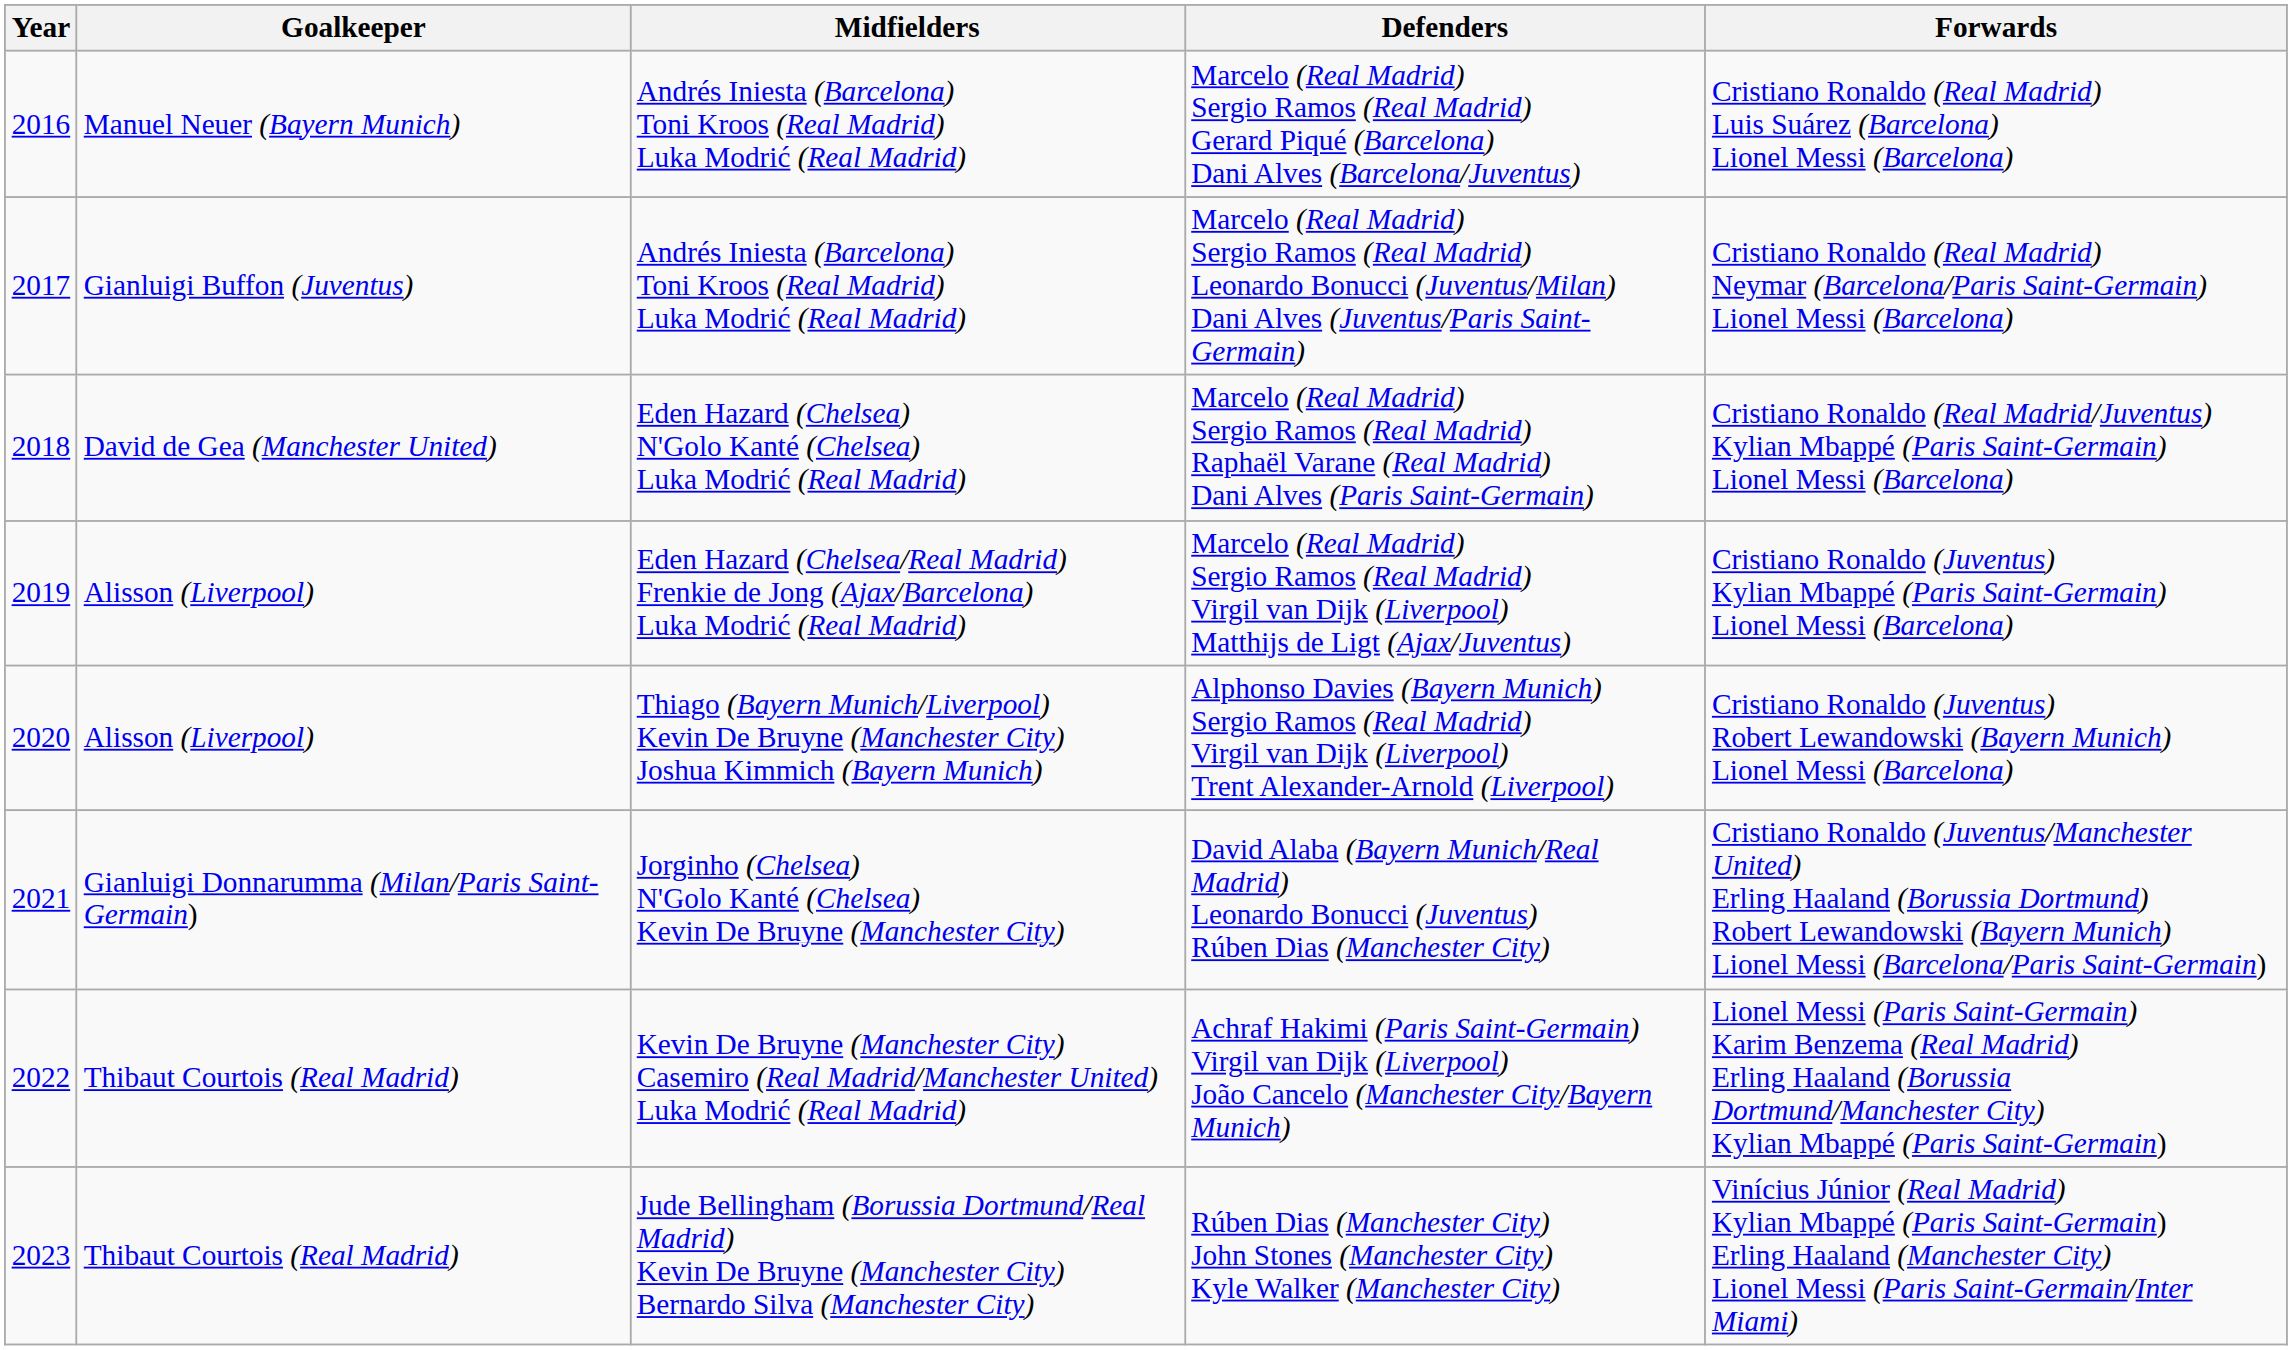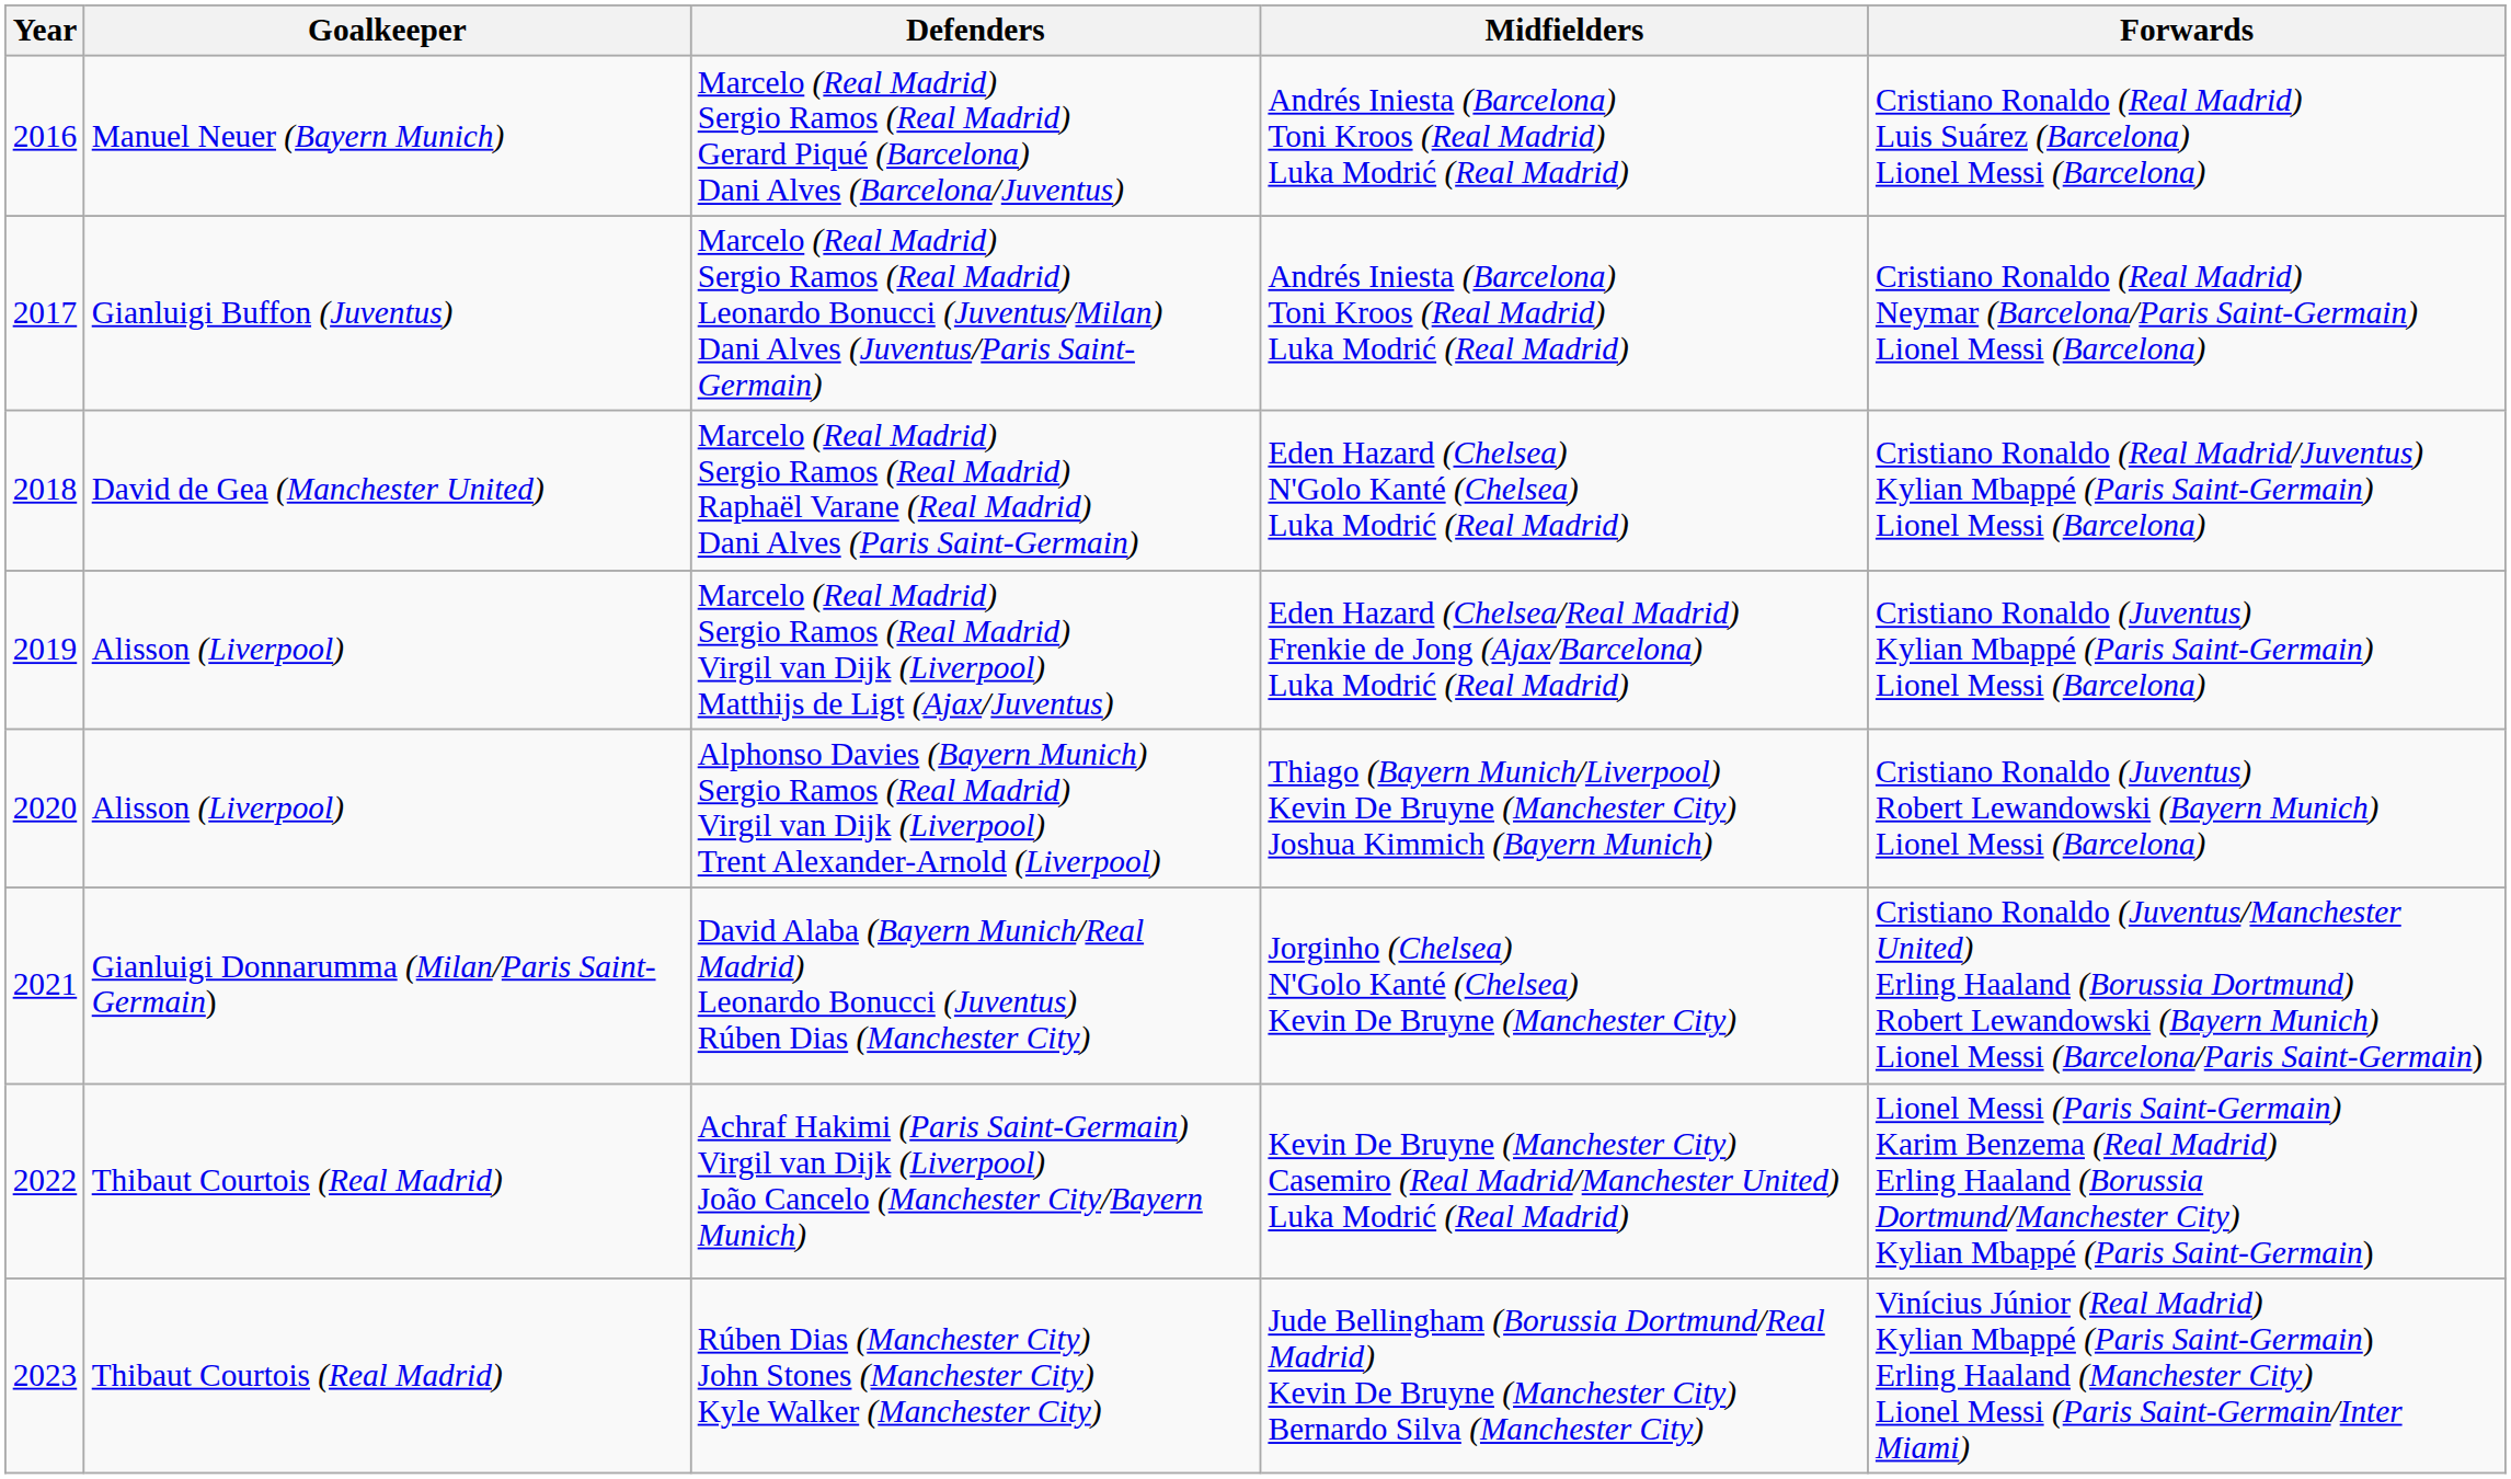 <table class="wikitable">
 <tr>
 <th>Year</th>
 <th>Goalkeeper</th>
+<th>Defenders</th>
 <th>Midfielders</th>
-<th>Defenders</th>
 <th>Forwards</th>
 </tr>
 <tr>
 <td style="text-align:centre;"><a href='#'>2016</a></td>
 <td> <a href='#'>Manuel Neuer</a> <em>(<a href='#'>Bayern Munich</a>)</em></td>
+<td style="text-align:left;"> <a href='#'>Marcelo</a> <em>(<a href='#'>Real Madrid</a>)</em><br> <a href='#'>Sergio Ramos</a> <em>(<a href='#'>Real Madrid</a>)</em><br> <a href='#'>Gerard Piqué</a> <em>(<a href='#'>Barcelona</a>)</em><br> <a href='#'>Dani Alves</a> <em>(<a href='#'>Barcelona</a>/<a href='#'>Juventus</a>)</em></td>
 <td style="text-align:left;"> <a href='#'>Andrés Iniesta</a> <em>(<a href='#'>Barcelona</a>)</em><br> <a href='#'>Toni Kroos</a> <em>(<a href='#'>Real Madrid</a>)</em><br> <a href='#'>Luka Modrić</a> <em>(<a href='#'>Real Madrid</a>)</em></td>
-<td style="text-align:left;"> <a href='#'>Marcelo</a> <em>(<a href='#'>Real Madrid</a>)</em><br> <a href='#'>Sergio Ramos</a> <em>(<a href='#'>Real Madrid</a>)</em><br> <a href='#'>Gerard Piqué</a> <em>(<a href='#'>Barcelona</a>)</em><br> <a href='#'>Dani Alves</a> <em>(<a href='#'>Barcelona</a>/<a href='#'>Juventus</a>)</em></td>
 <td style="text-align:left;"> <a href='#'>Cristiano Ronaldo</a> <em>(<a href='#'>Real Madrid</a>)</em><br> <a href='#'>Luis Suárez</a> <em>(<a href='#'>Barcelona</a>)</em><br> <a href='#'>Lionel Messi</a> <em>(<a href='#'>Barcelona</a>)</em></td>
 </tr>
 <tr>
 <td style="text-align:centre;"><a href='#'>2017</a></td>
 <td> <a href='#'>Gianluigi Buffon</a> <em>(<a href='#'>Juventus</a>)</em></td>
+<td style="text-align:left;"> <a href='#'>Marcelo</a> <em>(<a href='#'>Real Madrid</a>)</em><br> <a href='#'>Sergio Ramos</a> <em>(<a href='#'>Real Madrid</a>)</em><br> <a href='#'>Leonardo Bonucci</a> <em>(<a href='#'>Juventus</a>/<a href='#'>Milan</a>)</em><br> <a href='#'>Dani Alves</a> <em>(<a href='#'>Juventus</a>/<a href='#'>Paris Saint-Germain</a>)</em></td>
 <td style="text-align:left;"> <a href='#'>Andrés Iniesta</a> <em>(<a href='#'>Barcelona</a>)</em><br> <a href='#'>Toni Kroos</a> <em>(<a href='#'>Real Madrid</a>)</em><br> <a href='#'>Luka Modrić</a> <em>(<a href='#'>Real Madrid</a>)</em></td>
-<td style="text-align:left;"> <a href='#'>Marcelo</a> <em>(<a href='#'>Real Madrid</a>)</em><br> <a href='#'>Sergio Ramos</a> <em>(<a href='#'>Real Madrid</a>)</em><br> <a href='#'>Leonardo Bonucci</a> <em>(<a href='#'>Juventus</a>/<a href='#'>Milan</a>)</em><br> <a href='#'>Dani Alves</a> <em>(<a href='#'>Juventus</a>/<a href='#'>Paris Saint-Germain</a>)</em></td>
 <td style="text-align:left;"> <a href='#'>Cristiano Ronaldo</a> <em>(<a href='#'>Real Madrid</a>)</em><br> <a href='#'>Neymar</a><em> (<a href='#'>Barcelona</a>/<a href='#'>Paris Saint-Germain</a>)</em><br> <a href='#'>Lionel Messi</a> <em>(<a href='#'>Barcelona</a>)</em></td>
 </tr>
 <tr>
 <td style="text-align:centre;"><a href='#'>2018</a></td>
 <td> <a href='#'>David de Gea</a> <em>(<a href='#'>Manchester United</a>)</em></td>
+<td style="text-align:left;"> <a href='#'>Marcelo</a> <em>(<a href='#'>Real Madrid</a>)</em><br> <a href='#'>Sergio Ramos</a> <em>(<a href='#'>Real Madrid</a>)</em><br> <a href='#'>Raphaël Varane</a> <em>(<a href='#'>Real Madrid</a>)</em><br> <a href='#'>Dani Alves</a> <em>(<a href='#'>Paris Saint-Germain</a>)</em></td>
 <td style="text-align:left;"> <a href='#'>Eden Hazard</a><em> (<a href='#'>Chelsea</a>)</em><br> <a href='#'>N'Golo Kanté</a> <em>(<a href='#'>Chelsea</a>)</em><br> <a href='#'>Luka Modrić</a> <em>(<a href='#'>Real Madrid</a>)</em></td>
-<td style="text-align:left;"> <a href='#'>Marcelo</a> <em>(<a href='#'>Real Madrid</a>)</em><br> <a href='#'>Sergio Ramos</a> <em>(<a href='#'>Real Madrid</a>)</em><br> <a href='#'>Raphaël Varane</a> <em>(<a href='#'>Real Madrid</a>)</em><br> <a href='#'>Dani Alves</a> <em>(<a href='#'>Paris Saint-Germain</a>)</em></td>
 <td style="text-align:left;"> <a href='#'>Cristiano Ronaldo</a> <em>(<a href='#'>Real Madrid</a>/<a href='#'>Juventus</a>)</em><br> <a href='#'>Kylian Mbappé</a><em> (<a href='#'>Paris Saint-Germain</a>)</em><br> <a href='#'>Lionel Messi</a> <em>(<a href='#'>Barcelona</a>)</em></td>
 </tr>
 <tr>
 <td style="text-align:centre;"><a href='#'>2019</a></td>
 <td> <a href='#'>Alisson</a> <em>(<a href='#'>Liverpool</a>)</em></td>
+<td style="text-align:left;"> <a href='#'>Marcelo</a> <em>(<a href='#'>Real Madrid</a>)</em><br> <a href='#'>Sergio Ramos</a> <em>(<a href='#'>Real Madrid</a>)</em><br> <a href='#'>Virgil van Dijk</a> <em>(<a href='#'>Liverpool</a>)</em><br> <a href='#'>Matthijs de Ligt</a> <em>(<a href='#'>Ajax</a>/<a href='#'>Juventus</a>)</em></td>
 <td style="text-align:left;"> <a href='#'>Eden Hazard</a><em> (<a href='#'>Chelsea</a>/<a href='#'>Real Madrid</a>)</em><br> <a href='#'>Frenkie de Jong</a> <em>(<a href='#'>Ajax</a>/<a href='#'>Barcelona</a>)</em><br> <a href='#'>Luka Modrić</a> <em>(<a href='#'>Real Madrid</a>)</em></td>
-<td style="text-align:left;"> <a href='#'>Marcelo</a> <em>(<a href='#'>Real Madrid</a>)</em><br> <a href='#'>Sergio Ramos</a> <em>(<a href='#'>Real Madrid</a>)</em><br> <a href='#'>Virgil van Dijk</a> <em>(<a href='#'>Liverpool</a>)</em><br> <a href='#'>Matthijs de Ligt</a> <em>(<a href='#'>Ajax</a>/<a href='#'>Juventus</a>)</em></td>
 <td style="text-align:left;"> <a href='#'>Cristiano Ronaldo</a><em> (<a href='#'>Juventus</a>)</em><br> <a href='#'>Kylian Mbappé</a> <em>(<a href='#'>Paris Saint-Germain</a>)</em><br> <a href='#'>Lionel Messi</a> <em>(<a href='#'>Barcelona</a>)</em></td>
 </tr>
 <tr>
 <td style="text-align:centre;"><a href='#'>2020</a></td>
 <td> <a href='#'>Alisson</a> <em>(<a href='#'>Liverpool</a>)</em></td>
+<td style="text-align:left;"> <a href='#'>Alphonso Davies</a> <em>(<a href='#'>Bayern Munich</a>)</em><br> <a href='#'>Sergio Ramos</a> <em>(<a href='#'>Real Madrid</a>)</em><br> <a href='#'>Virgil van Dijk</a> <em>(<a href='#'>Liverpool</a>)</em><br> <a href='#'>Trent Alexander-Arnold</a> <em>(<a href='#'>Liverpool</a>)</em></td>
 <td style="text-align:left;"> <a href='#'>Thiago</a> <em>(<a href='#'>Bayern Munich</a>/<a href='#'>Liverpool</a>)</em> <br> <a href='#'>Kevin De Bruyne</a> <em>(<a href='#'>Manchester City</a>)</em><br> <a href='#'>Joshua Kimmich</a> <em>(<a href='#'>Bayern Munich</a>)</em></td>
-<td style="text-align:left;"> <a href='#'>Alphonso Davies</a> <em>(<a href='#'>Bayern Munich</a>)</em><br> <a href='#'>Sergio Ramos</a> <em>(<a href='#'>Real Madrid</a>)</em><br> <a href='#'>Virgil van Dijk</a> <em>(<a href='#'>Liverpool</a>)</em><br> <a href='#'>Trent Alexander-Arnold</a> <em>(<a href='#'>Liverpool</a>)</em></td>
 <td style="text-align:left;"> <a href='#'>Cristiano Ronaldo</a><em> (<a href='#'>Juventus</a>)</em><br> <a href='#'>Robert Lewandowski</a> <em>(<a href='#'>Bayern Munich</a>)</em> <br> <a href='#'>Lionel Messi</a> <em>(<a href='#'>Barcelona</a>)</em></td>
 </tr>
 <tr>
 <td style="text-align:centre;"><a href='#'>2021</a></td>
 <td> <a href='#'>Gianluigi Donnarumma</a> <em>(<a href='#'>Milan</a>/<a href='#'>Paris Saint-Germain</a></em>)</td>
+<td style="text-align:left;"> <a href='#'>David Alaba</a> <em>(<a href='#'>Bayern Munich</a>/<a href='#'>Real Madrid</a>)</em><br> <a href='#'>Leonardo Bonucci</a> <em>(<a href='#'>Juventus</a>)</em><br> <a href='#'>Rúben Dias</a> <em>(<a href='#'>Manchester City</a>)</em></td>
 <td style="text-align:left;"> <a href='#'>Jorginho</a><em> (<a href='#'>Chelsea</a>)</em><br> <a href='#'>N'Golo Kanté</a> <em>(<a href='#'>Chelsea</a>)</em><br> <a href='#'>Kevin De Bruyne</a> <em>(<a href='#'>Manchester City</a>)</em></td>
-<td style="text-align:left;"> <a href='#'>David Alaba</a> <em>(<a href='#'>Bayern Munich</a>/<a href='#'>Real Madrid</a>)</em><br> <a href='#'>Leonardo Bonucci</a> <em>(<a href='#'>Juventus</a>)</em><br> <a href='#'>Rúben Dias</a> <em>(<a href='#'>Manchester City</a>)</em></td>
 <td style="text-align:left;"> <a href='#'>Cristiano Ronaldo</a><em> (<a href='#'>Juventus</a>/<a href='#'>Manchester United</a>)</em> <br> <a href='#'>Erling Haaland</a> <em>(<a href='#'>Borussia Dortmund</a>)</em> <br> <a href='#'>Robert Lewandowski</a> <em>(<a href='#'>Bayern Munich</a>)</em> <br> <a href='#'>Lionel Messi</a> <em>(<a href='#'>Barcelona</a>/<a href='#'>Paris Saint-Germain</a></em>)</td>
 </tr>
 <tr>
 <td style="text-align:centre;"><a href='#'>2022</a></td>
 <td> <a href='#'>Thibaut Courtois</a> <em>(<a href='#'>Real Madrid</a>)</em></td>
+<td style="text-align:left;"> <a href='#'>Achraf Hakimi</a> <em>(<a href='#'>Paris Saint-Germain</a>)</em><br> <a href='#'>Virgil van Dijk</a> <em>(<a href='#'>Liverpool</a>)</em><br> <a href='#'>João Cancelo</a> <em>(<a href='#'>Manchester City</a>/<a href='#'>Bayern Munich</a>)</em></td>
 <td style="text-align:left;"> <a href='#'>Kevin De Bruyne</a> <em>(<a href='#'>Manchester City</a>)</em><br> <a href='#'>Casemiro</a> <em>(<a href='#'>Real Madrid</a>/<a href='#'>Manchester United</a>)</em><br> <a href='#'>Luka Modrić</a> <em>(<a href='#'>Real Madrid</a>)</em></td>
-<td style="text-align:left;"> <a href='#'>Achraf Hakimi</a> <em>(<a href='#'>Paris Saint-Germain</a>)</em><br> <a href='#'>Virgil van Dijk</a> <em>(<a href='#'>Liverpool</a>)</em><br> <a href='#'>João Cancelo</a> <em>(<a href='#'>Manchester City</a>/<a href='#'>Bayern Munich</a>)</em></td>
 <td style="text-align:left;"> <a href='#'>Lionel Messi</a> <em>(<a href='#'>Paris Saint-Germain</a>)</em> <br> <a href='#'>Karim Benzema</a> <em>(<a href='#'>Real Madrid</a>)</em> <br> <a href='#'>Erling Haaland</a> <em>(<a href='#'>Borussia Dortmund</a>/<a href='#'>Manchester City</a>)</em>  <br> <a href='#'>Kylian Mbappé</a> <em>(<a href='#'>Paris Saint-Germain</a></em>)</td>
 </tr>
 <tr>
 <td style="text-align:centre;"><a href='#'>2023</a></td>
 <td> <a href='#'>Thibaut Courtois</a> <em>(<a href='#'>Real Madrid</a>)</em></td>
+<td style="text-align:left;"> <a href='#'>Rúben Dias</a> <em>(<a href='#'>Manchester City</a>)</em> <br>  <a href='#'>John Stones</a> <em>(<a href='#'>Manchester City</a>)</em><br> <a href='#'>Kyle Walker</a> <em>(<a href='#'>Manchester City</a>)</em></td>
 <td style="text-align:left;"> <a href='#'>Jude Bellingham</a> <em>(<a href='#'>Borussia Dortmund</a>/<a href='#'>Real Madrid</a>)</em><br> <a href='#'>Kevin De Bruyne</a> <em>(<a href='#'>Manchester City</a>)</em><br> <a href='#'>Bernardo Silva</a> <em>(<a href='#'>Manchester City</a>)</em></td>
-<td style="text-align:left;"> <a href='#'>Rúben Dias</a> <em>(<a href='#'>Manchester City</a>)</em> <br>  <a href='#'>John Stones</a> <em>(<a href='#'>Manchester City</a>)</em><br> <a href='#'>Kyle Walker</a> <em>(<a href='#'>Manchester City</a>)</em></td>
 <td style="text-align:left;"> <a href='#'>Vinícius Júnior</a> <em>(<a href='#'>Real Madrid</a>)</em><br> <a href='#'>Kylian Mbappé</a> <em>(<a href='#'>Paris Saint-Germain</a></em>)<br> <a href='#'>Erling Haaland</a> <em>(<a href='#'>Manchester City</a>)</em> <br> <a href='#'>Lionel Messi</a> <em>(<a href='#'>Paris Saint-Germain</a>/<a href='#'>Inter Miami</a>)</em></td>
 </tr>
 </table>
